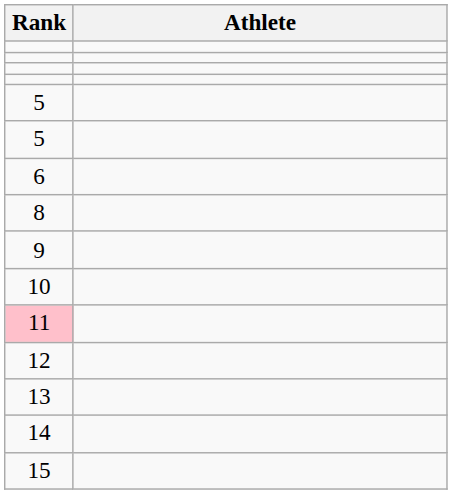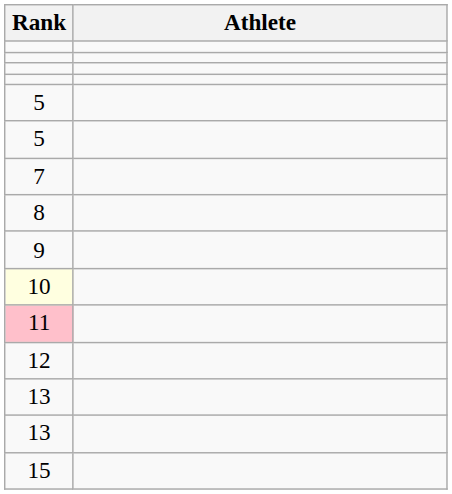 <table class="wikitable" style="text-align: center;">
 <tr>
 <th width=40>Rank</th>
 <th width=250>Athlete</th>
 </tr>
 <tr>
 <td></td>
 <td align=left></td>
 </tr>
 <tr>
 <td></td>
 <td align=left></td>
 </tr>
 <tr>
 <td></td>
 <td align=left></td>
 </tr>
 <tr>
 <td></td>
 <td align=left></td>
 </tr>
 <tr>
 <td>5</td>
 <td align=left></td>
 </tr>
 <tr>
 <td>5</td>
 <td align=left></td>
 </tr>
 <tr>
-<td>6</td>
+<td>7</td>
 <td align=left></td>
 </tr>
 <tr>
 <td>8</td>
 <td align=left></td>
 </tr>
 <tr>
 <td>9</td>
 <td align=left></td>
 </tr>
 <tr>
-<td>10</td>
+<td style="background: lightyellow;">10</td>
 <td align=left></td>
 </tr>
 <tr>
 <td style="background: pink;">11</td>
 <td align=left></td>
 </tr>
 <tr>
 <td>12</td>
 <td align=left></td>
 </tr>
 <tr>
 <td>13</td>
 <td align=left></td>
 </tr>
 <tr>
-<td>14</td>
+<td>13</td>
 <td align=left></td>
 </tr>
 <tr>
 <td>15</td>
 <td align=left></td>
 </tr>
 </table>
